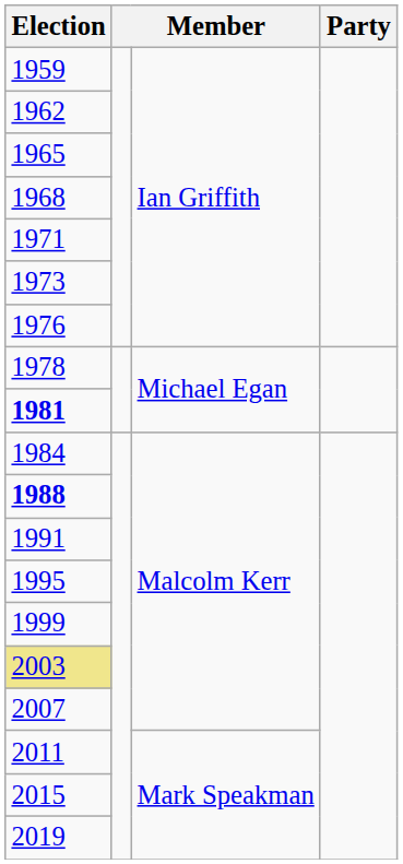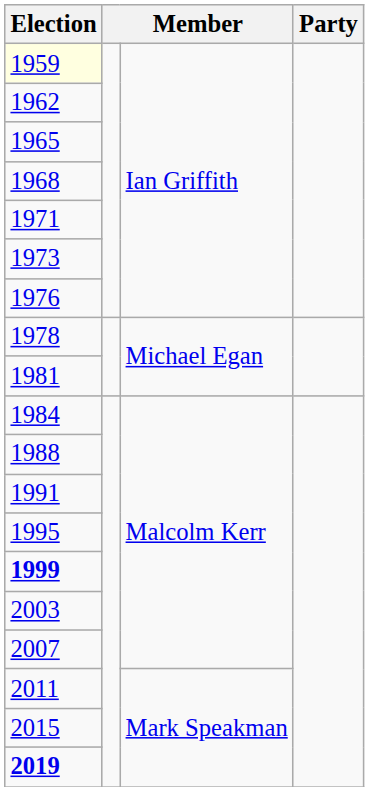 <table class="wikitable">
 <tr>
 <th>Election</th>
 <th colspan="2">Member</th>
 <th>Party</th>
 </tr>
 <tr>
-<td><a href='#'>1959</a></td>
+<td style="background: lightyellow;"><a href='#'>1959</a></td>
 <td rowspan="7" > </td>
 <td rowspan="7"><a href='#'>Ian Griffith</a></td>
 <td rowspan="7"></td>
 </tr>
 <tr>
 <td><a href='#'>1962</a></td>
 </tr>
 <tr>
 <td><a href='#'>1965</a></td>
 </tr>
 <tr>
 <td><a href='#'>1968</a></td>
 </tr>
 <tr>
 <td><a href='#'>1971</a></td>
 </tr>
 <tr>
 <td><a href='#'>1973</a></td>
 </tr>
 <tr>
 <td><a href='#'>1976</a></td>
 </tr>
 <tr>
 <td><a href='#'>1978</a></td>
 <td rowspan="2" > </td>
 <td rowspan="2"><a href='#'>Michael Egan</a></td>
 <td rowspan="2"></td>
 </tr>
 <tr>
-<td><strong><a href='#'>1981</a></strong></td>
+<td><a href='#'>1981</a></td>
 </tr>
 <tr>
 <td><a href='#'>1984</a></td>
 <td rowspan="10" > </td>
 <td rowspan="7"><a href='#'>Malcolm Kerr</a></td>
 <td rowspan="10"></td>
 </tr>
 <tr>
-<td><strong><a href='#'>1988</a></strong></td>
+<td><a href='#'>1988</a></td>
 </tr>
 <tr>
 <td><a href='#'>1991</a></td>
 </tr>
 <tr>
 <td><a href='#'>1995</a></td>
 </tr>
 <tr>
-<td><a href='#'>1999</a></td>
+<td><strong><a href='#'>1999</a></strong></td>
 </tr>
 <tr>
-<td style="background: khaki;"><a href='#'>2003</a></td>
+<td><a href='#'>2003</a></td>
 </tr>
 <tr>
 <td><a href='#'>2007</a></td>
 </tr>
 <tr>
 <td><a href='#'>2011</a></td>
 <td rowspan="3"><a href='#'>Mark Speakman</a></td>
 </tr>
 <tr>
 <td><a href='#'>2015</a></td>
 </tr>
 <tr>
-<td><a href='#'>2019</a></td>
+<td><strong><a href='#'>2019</a></strong></td>
 </tr>
 </table>
